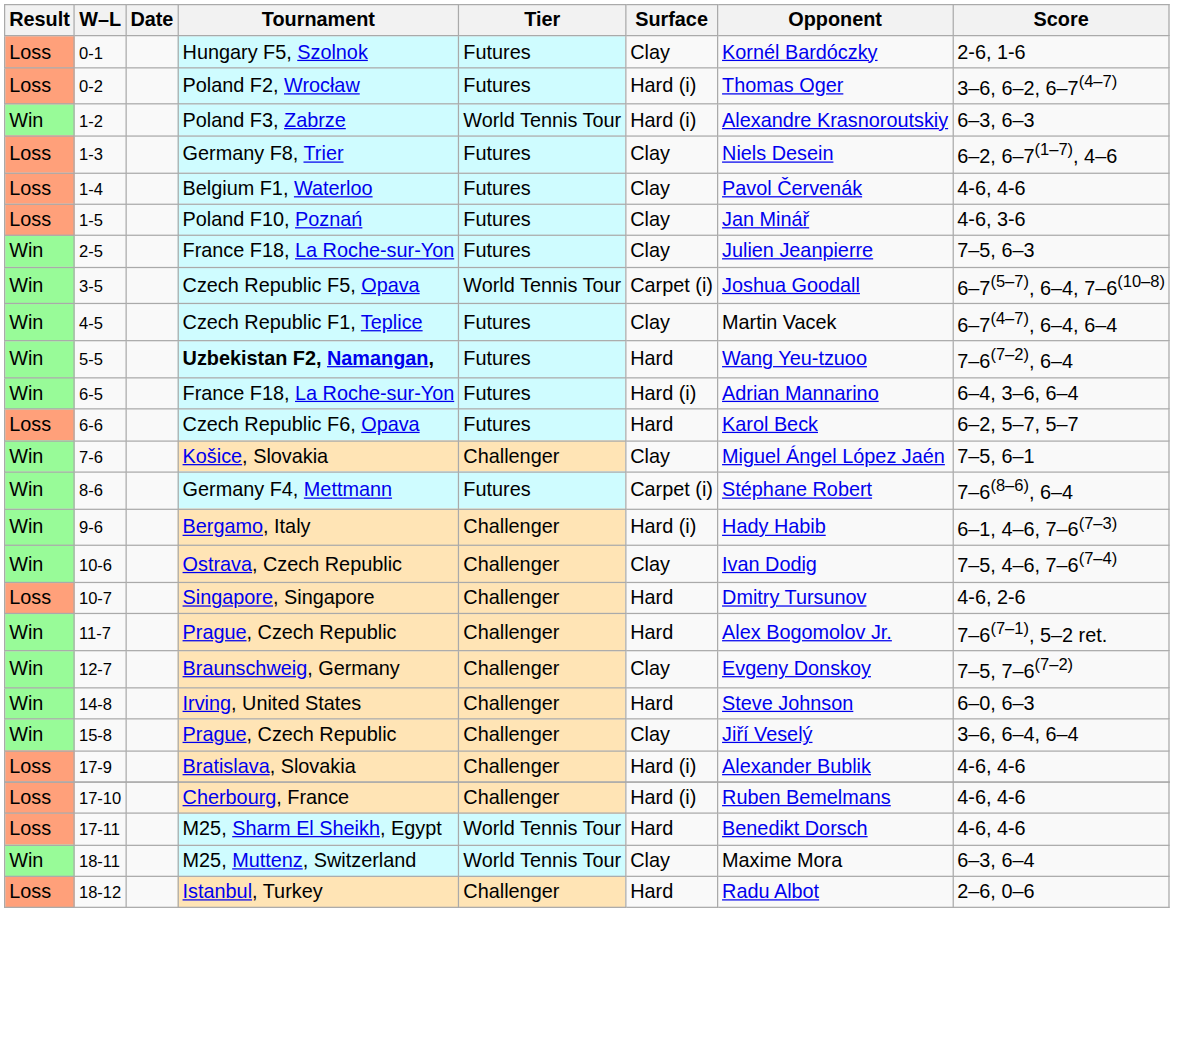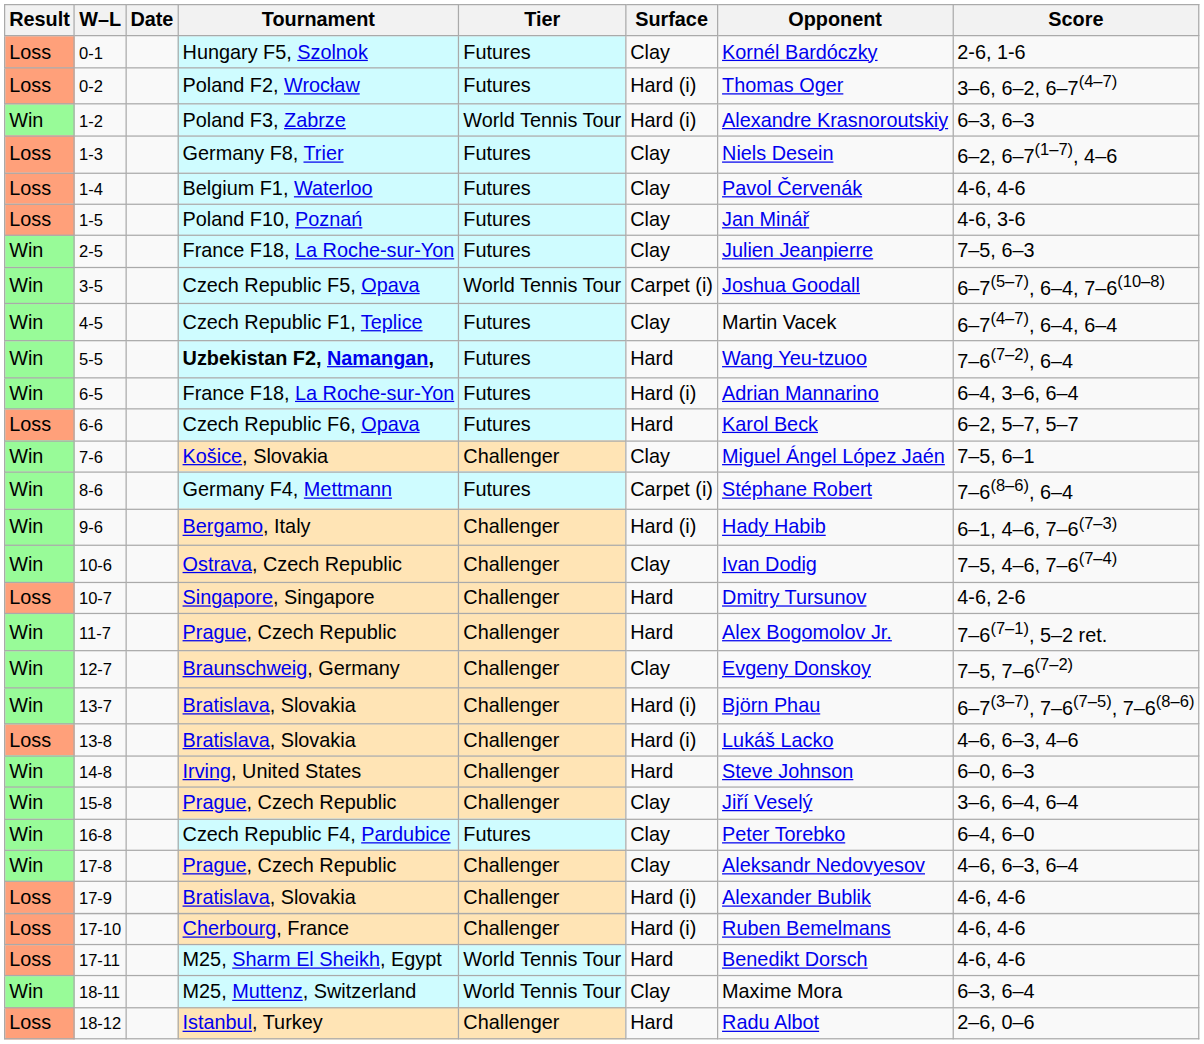 <table class="sortable wikitable">
 <tr>
 <th>Result</th>
 <th class="unsortable">W–L</th>
 <th>Date</th>
 <th>Tournament</th>
 <th>Tier</th>
 <th>Surface</th>
 <th>Opponent</th>
 <th class="unsortable">Score</th>
 </tr>
 <tr>
 <td bgcolor=FFA07A>Loss</td>
 <td><small>0-1</small></td>
 <td></td>
 <td style="background:#cffcff;">Hungary F5, <a href='#'>Szolnok</a></td>
 <td style="background:#cffcff">Futures</td>
 <td>Clay</td>
 <td> <a href='#'>Kornél Bardóczky</a></td>
 <td>2-6, 1-6</td>
 </tr>
 <tr>
 <td bgcolor=FFA07A>Loss</td>
 <td><small>0-2</small></td>
 <td></td>
 <td style="background:#cffcff;">Poland F2, <a href='#'>Wrocław</a></td>
 <td style="background:#cffcff;">Futures</td>
 <td>Hard (i)</td>
 <td> <a href='#'>Thomas Oger</a></td>
 <td>3–6, 6–2, 6–7<sup>(4–7)</sup></td>
 </tr>
 <tr>
 <td bgcolor=98FB98>Win</td>
 <td><small>1-2</small></td>
 <td></td>
 <td style="background:#cffcff;">Poland F3, <a href='#'>Zabrze</a></td>
 <td style="background:#cffcff;">World Tennis Tour</td>
 <td>Hard (i)</td>
 <td> <a href='#'>Alexandre Krasnoroutskiy</a></td>
 <td>6–3, 6–3</td>
 </tr>
 <tr>
 <td bgcolor=FFA07A>Loss</td>
 <td><small>1-3</small></td>
 <td></td>
 <td style="background:#cffcff;">Germany F8, <a href='#'>Trier</a></td>
 <td style="background:#cffcff;">Futures</td>
 <td>Clay</td>
 <td> <a href='#'>Niels Desein</a></td>
 <td>6–2, 6–7<sup>(1–7)</sup>, 4–6</td>
 </tr>
 <tr>
 <td bgcolor=FFA07A>Loss</td>
 <td><small>1-4</small></td>
 <td></td>
 <td style="background:#cffcff;">Belgium F1, <a href='#'>Waterloo</a></td>
 <td style="background:#cffcff;">Futures</td>
 <td>Clay</td>
 <td> <a href='#'>Pavol Červenák</a></td>
 <td>4-6, 4-6</td>
 </tr>
 <tr>
 <td bgcolor=FFA07A>Loss</td>
 <td><small>1-5</small></td>
 <td></td>
 <td style="background:#cffcff;">Poland F10, <a href='#'>Poznań</a></td>
 <td style="background:#cffcff;">Futures</td>
 <td>Clay</td>
 <td> <a href='#'>Jan Minář</a></td>
 <td>4-6, 3-6</td>
 </tr>
 <tr>
 <td bgcolor=98FB98>Win</td>
 <td><small>2-5</small></td>
 <td></td>
 <td style="background:#cffcff;">France F18, <a href='#'>La Roche-sur-Yon</a></td>
 <td style="background:#cffcff;">Futures</td>
 <td>Clay</td>
 <td> <a href='#'>Julien Jeanpierre</a></td>
 <td>7–5, 6–3</td>
 </tr>
 <tr>
 <td bgcolor=98FB98>Win</td>
 <td><small>3-5</small></td>
 <td></td>
 <td style="background:#cffcff;">Czech Republic F5, <a href='#'>Opava</a></td>
 <td style="background:#cffcff;">World Tennis Tour</td>
 <td>Carpet (i)</td>
 <td> <a href='#'>Joshua Goodall</a></td>
 <td>6–7<sup>(5–7)</sup>, 6–4, 7–6<sup>(10–8)</sup></td>
 </tr>
 <tr>
 <td bgcolor=98FB98>Win</td>
 <td><small>4-5</small></td>
 <td></td>
 <td style="background:#cffcff;">Czech Republic F1, <a href='#'>Teplice</a></td>
 <td style="background:#cffcff;">Futures</td>
 <td>Clay</td>
 <td> Martin Vacek</td>
 <td>6–7<sup>(4–7)</sup>, 6–4, 6–4</td>
 </tr>
 <tr>
 <td bgcolor=98FB98>Win</td>
 <td><small>5-5</small></td>
 <td></td>
 <td style="background:#cffcff;"><strong>Uzbekistan F2, <a href='#'>Namangan</a>,</strong></td>
 <td style="background:#cffcff;">Futures</td>
 <td>Hard</td>
 <td> <a href='#'>Wang Yeu-tzuoo</a></td>
 <td>7–6<sup>(7–2)</sup>, 6–4</td>
 </tr>
 <tr>
 <td bgcolor=98FB98>Win</td>
 <td><small>6-5</small></td>
 <td></td>
 <td style="background:#cffcff;">France F18, <a href='#'>La Roche-sur-Yon</a></td>
 <td style="background:#cffcff;">Futures</td>
 <td>Hard (i)</td>
 <td> <a href='#'>Adrian Mannarino</a></td>
 <td>6–4, 3–6, 6–4</td>
 </tr>
 <tr>
 <td bgcolor=FFA07A>Loss</td>
 <td><small>6-6</small></td>
 <td></td>
 <td style="background:#cffcff;">Czech Republic F6, <a href='#'>Opava</a></td>
 <td style="background:#cffcff;">Futures</td>
 <td>Hard</td>
 <td> <a href='#'>Karol Beck</a></td>
 <td>6–2, 5–7, 5–7</td>
 </tr>
 <tr>
 <td bgcolor=98FB98>Win</td>
 <td><small>7-6</small></td>
 <td></td>
 <td style="background:moccasin;"><a href='#'>Košice</a>, Slovakia</td>
 <td style="background:moccasin;">Challenger</td>
 <td>Clay</td>
 <td> <a href='#'>Miguel Ángel López Jaén</a></td>
 <td>7–5, 6–1</td>
 </tr>
 <tr>
 <td bgcolor=98FB98>Win</td>
 <td><small>8-6</small></td>
 <td></td>
 <td style="background:#cffcff;">Germany F4, <a href='#'>Mettmann</a></td>
 <td style="background:#cffcff;">Futures</td>
 <td>Carpet (i)</td>
 <td> <a href='#'>Stéphane Robert</a></td>
 <td>7–6<sup>(8–6)</sup>, 6–4</td>
 </tr>
 <tr>
 <td bgcolor=98FB98>Win</td>
 <td><small>9-6</small></td>
 <td><a href='#'></a></td>
 <td style="background:moccasin;"><a href='#'>Bergamo</a>, Italy</td>
 <td style="background:moccasin;">Challenger</td>
 <td>Hard (i)</td>
 <td> <a href='#'>Hady Habib</a></td>
 <td>6–1, 4–6, 7–6<sup>(7–3)</sup></td>
 </tr>
 <tr>
 <td bgcolor=98FB98>Win</td>
 <td><small>10-6</small></td>
 <td><a href='#'></a></td>
 <td style="background:moccasin;"><a href='#'>Ostrava</a>, Czech Republic</td>
 <td style="background:moccasin;">Challenger</td>
 <td>Clay</td>
 <td> <a href='#'>Ivan Dodig</a></td>
 <td>7–5, 4–6, 7–6<sup>(7–4)</sup></td>
 </tr>
 <tr>
 <td bgcolor=FFA07A>Loss</td>
 <td><small>10-7</small></td>
 <td><a href='#'></a></td>
 <td style="background:moccasin;"><a href='#'>Singapore</a>, Singapore</td>
 <td style="background:moccasin;">Challenger</td>
 <td>Hard</td>
 <td> <a href='#'>Dmitry Tursunov</a></td>
 <td>4-6, 2-6</td>
 </tr>
 <tr>
 <td bgcolor=98FB98>Win</td>
 <td><small>11-7</small></td>
 <td><a href='#'></a></td>
 <td style="background:moccasin;"><a href='#'>Prague</a>, Czech Republic</td>
 <td style="background:moccasin;">Challenger</td>
 <td>Hard</td>
 <td> <a href='#'>Alex Bogomolov Jr.</a></td>
 <td>7–6<sup>(7–1)</sup>, 5–2 ret.</td>
 </tr>
 <tr>
 <td bgcolor=98FB98>Win</td>
 <td><small>12-7</small></td>
 <td><a href='#'></a></td>
 <td style="background:moccasin;"><a href='#'>Braunschweig</a>, Germany</td>
 <td style="background:moccasin;">Challenger</td>
 <td>Clay</td>
 <td> <a href='#'>Evgeny Donskoy</a></td>
 <td>7–5, 7–6<sup>(7–2)</sup></td>
 </tr>
 <tr>
 <td bgcolor=98FB98>Win</td>
+<td><small>13-7</small></td>
+<td><a href='#'></a></td>
+<td style="background:moccasin;"><a href='#'>Bratislava</a>, Slovakia</td>
+<td style="background:moccasin;">Challenger</td>
+<td>Hard (i)</td>
+<td> <a href='#'>Björn Phau</a></td>
+<td>6–7<sup>(3–7)</sup>, 7–6<sup>(7–5)</sup>, 7–6<sup>(8–6)</sup></td>
+</tr>
+<tr>
+<td bgcolor=FFA07A>Loss</td>
+<td><small>13-8</small></td>
+<td><a href='#'></a></td>
+<td style="background:moccasin;"><a href='#'>Bratislava</a>, Slovakia</td>
+<td style="background:moccasin;">Challenger</td>
+<td>Hard (i)</td>
+<td> <a href='#'>Lukáš Lacko</a></td>
+<td>4–6, 6–3, 4–6</td>
+</tr>
+<tr>
+<td bgcolor=98FB98>Win</td>
 <td><small>14-8</small></td>
 <td><a href='#'></a></td>
 <td style="background:moccasin;"><a href='#'>Irving</a>, United States</td>
 <td style="background:moccasin;">Challenger</td>
 <td>Hard</td>
 <td> <a href='#'>Steve Johnson</a></td>
 <td>6–0, 6–3</td>
 </tr>
 <tr>
 <td bgcolor=98FB98>Win</td>
 <td><small>15-8</small></td>
 <td><a href='#'></a></td>
 <td style="background:moccasin;"><a href='#'>Prague</a>, Czech Republic</td>
 <td style="background:moccasin;">Challenger</td>
 <td>Clay</td>
 <td> <a href='#'>Jiří Veselý</a></td>
 <td>3–6, 6–4, 6–4</td>
+</tr>
+<tr>
+<td bgcolor=98FB98>Win</td>
+<td><small>16-8</small></td>
+<td></td>
+<td style="background:#cffcff;">Czech Republic F4, <a href='#'>Pardubice</a></td>
+<td style="background:#cffcff;">Futures</td>
+<td>Clay</td>
+<td> <a href='#'>Peter Torebko</a></td>
+<td>6–4, 6–0</td>
+</tr>
+<tr>
+<td bgcolor=98FB98>Win</td>
+<td><small>17-8</small></td>
+<td><a href='#'></a></td>
+<td style="background:moccasin;"><a href='#'>Prague</a>, Czech Republic</td>
+<td style="background:moccasin;">Challenger</td>
+<td>Clay</td>
+<td> <a href='#'>Aleksandr Nedovyesov</a></td>
+<td>4–6, 6–3, 6–4</td>
 </tr>
 <tr>
 <td bgcolor=FFA07A>Loss</td>
 <td><small>17-9</small></td>
 <td><a href='#'></a></td>
 <td style="background:moccasin;"><a href='#'>Bratislava</a>, Slovakia</td>
 <td style="background:moccasin;">Challenger</td>
 <td>Hard (i)</td>
 <td> <a href='#'>Alexander Bublik</a></td>
 <td>4-6, 4-6</td>
 </tr>
 <tr>
 </tr>
 <tr>
 <td bgcolor=FFA07A>Loss</td>
 <td><small>17-10</small></td>
 <td><a href='#'></a></td>
 <td style="background:moccasin;"><a href='#'>Cherbourg</a>, France</td>
 <td style="background:moccasin;">Challenger</td>
 <td>Hard (i)</td>
 <td> <a href='#'>Ruben Bemelmans</a></td>
 <td>4-6, 4-6</td>
 </tr>
 <tr>
 <td bgcolor=FFA07A>Loss</td>
 <td><small>17-11</small></td>
 <td></td>
 <td style="background:#cffcff;">M25, <a href='#'>Sharm El Sheikh</a>, Egypt</td>
 <td style="background:#cffcff;">World Tennis Tour</td>
 <td>Hard</td>
 <td> <a href='#'>Benedikt Dorsch</a></td>
 <td>4-6, 4-6</td>
 </tr>
 <tr>
 <td bgcolor=98FB98>Win</td>
 <td><small>18-11</small></td>
 <td></td>
 <td style="background:#cffcff;">M25, <a href='#'>Muttenz</a>, Switzerland</td>
 <td style="background:#cffcff;">World Tennis Tour</td>
 <td>Clay</td>
 <td> Maxime Mora</td>
 <td>6–3, 6–4</td>
 </tr>
 <tr>
 <td bgcolor=FFA07A>Loss</td>
 <td><small>18-12</small></td>
 <td><a href='#'></a></td>
 <td style="background:moccasin;"><a href='#'>Istanbul</a>, Turkey</td>
 <td style="background:moccasin;">Challenger</td>
 <td>Hard</td>
 <td> <a href='#'>Radu Albot</a></td>
 <td>2–6, 0–6</td>
 </tr>
 </table>
